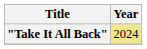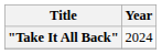 <table class="wikitable plainrowheaders" style="text-align:center;">
 <tr>
 <th rowspan="1">Title</th>
 <th rowspan="1">Year</th>
 </tr>
 <tr>
 <th scope="row">"Take It All Back" </th>
-<td style="background: khaki;">2024</td>
+<td>2024</td>
 </tr>
 <tr>
 </tr>
 </table>
